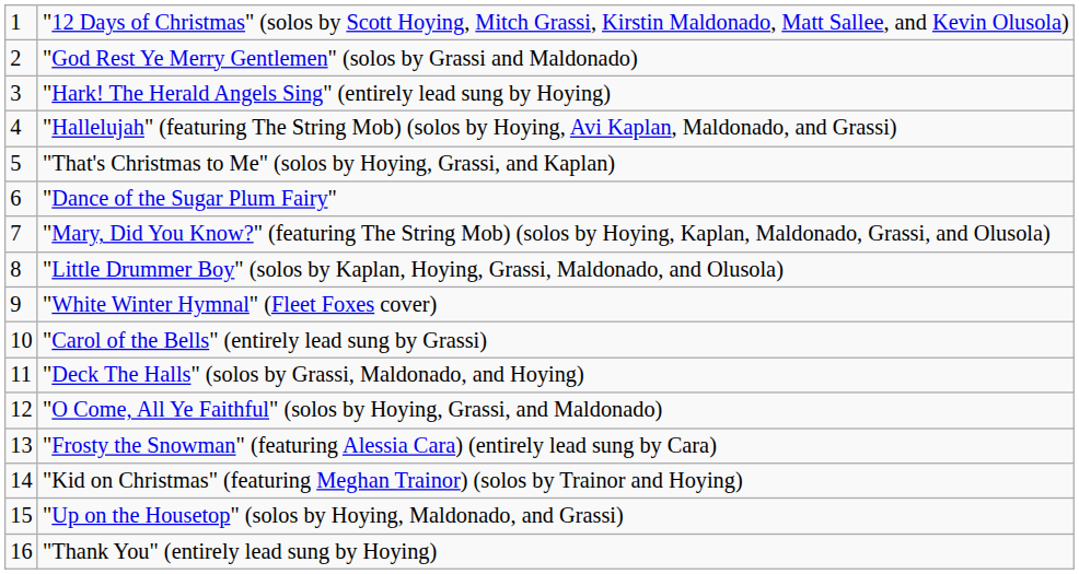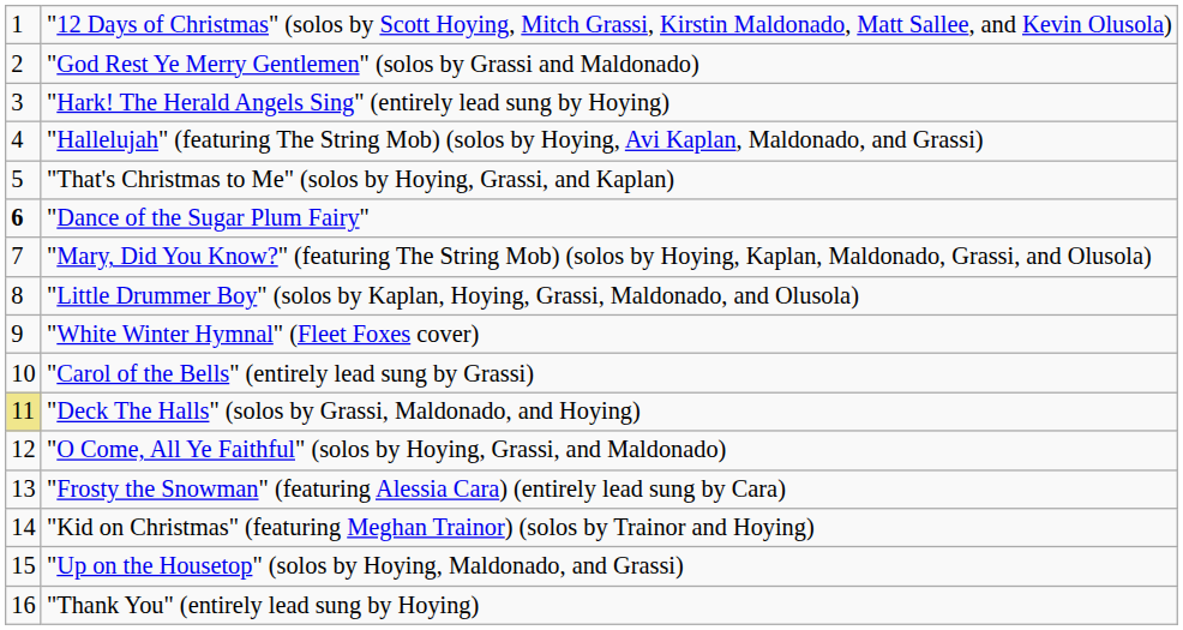 <table class="wikitable">
 <tr>
 <td>1</td>
 <td>"<a href='#'>12 Days of Christmas</a>" (solos by <a href='#'>Scott Hoying</a>, <a href='#'>Mitch Grassi</a>, <a href='#'>Kirstin Maldonado</a>, <a href='#'>Matt Sallee</a>, and <a href='#'>Kevin Olusola</a>)</td>
 </tr>
 <tr>
 <td>2</td>
 <td>"<a href='#'>God Rest Ye Merry Gentlemen</a>" (solos by Grassi and Maldonado)</td>
 </tr>
 <tr>
 <td>3</td>
 <td>"<a href='#'>Hark! The Herald Angels Sing</a>" (entirely lead sung by Hoying)</td>
 </tr>
 <tr>
 <td>4</td>
 <td>"<a href='#'>Hallelujah</a>" (featuring The String Mob) (solos by Hoying, <a href='#'>Avi Kaplan</a>, Maldonado, and Grassi)</td>
 </tr>
 <tr>
 <td>5</td>
 <td>"That's Christmas to Me" (solos by Hoying, Grassi, and Kaplan)</td>
 </tr>
 <tr>
-<td>6</td>
+<td><strong>6</strong></td>
 <td>"<a href='#'>Dance of the Sugar Plum Fairy</a>"</td>
 </tr>
 <tr>
 <td>7</td>
 <td>"<a href='#'>Mary, Did You Know?</a>" (featuring The String Mob) (solos by Hoying, Kaplan, Maldonado, Grassi, and Olusola)</td>
 </tr>
 <tr>
 <td>8</td>
 <td>"<a href='#'>Little Drummer Boy</a>" (solos by Kaplan, Hoying, Grassi, Maldonado, and Olusola)</td>
 </tr>
 <tr>
 <td>9</td>
 <td>"<a href='#'>White Winter Hymnal</a>" (<a href='#'>Fleet Foxes</a> cover)</td>
 </tr>
 <tr>
 <td>10</td>
 <td>"<a href='#'>Carol of the Bells</a>" (entirely lead sung by Grassi)</td>
 </tr>
 <tr>
-<td>11</td>
+<td style="background: khaki;">11</td>
 <td>"<a href='#'>Deck The Halls</a>" (solos by Grassi, Maldonado, and Hoying)</td>
 </tr>
 <tr>
 <td>12</td>
 <td>"<a href='#'>O Come, All Ye Faithful</a>" (solos by Hoying, Grassi, and Maldonado)</td>
 </tr>
 <tr>
 <td>13</td>
 <td>"<a href='#'>Frosty the Snowman</a>" (featuring <a href='#'>Alessia Cara</a>) (entirely lead sung by Cara)</td>
 </tr>
 <tr>
 <td>14</td>
 <td>"Kid on Christmas" (featuring <a href='#'>Meghan Trainor</a>) (solos by Trainor and Hoying)</td>
 </tr>
 <tr>
 <td>15</td>
 <td>"<a href='#'>Up on the Housetop</a>" (solos by Hoying, Maldonado, and Grassi)</td>
 </tr>
 <tr>
 <td>16</td>
 <td>"Thank You" (entirely lead sung by Hoying)</td>
 </tr>
 </table>
